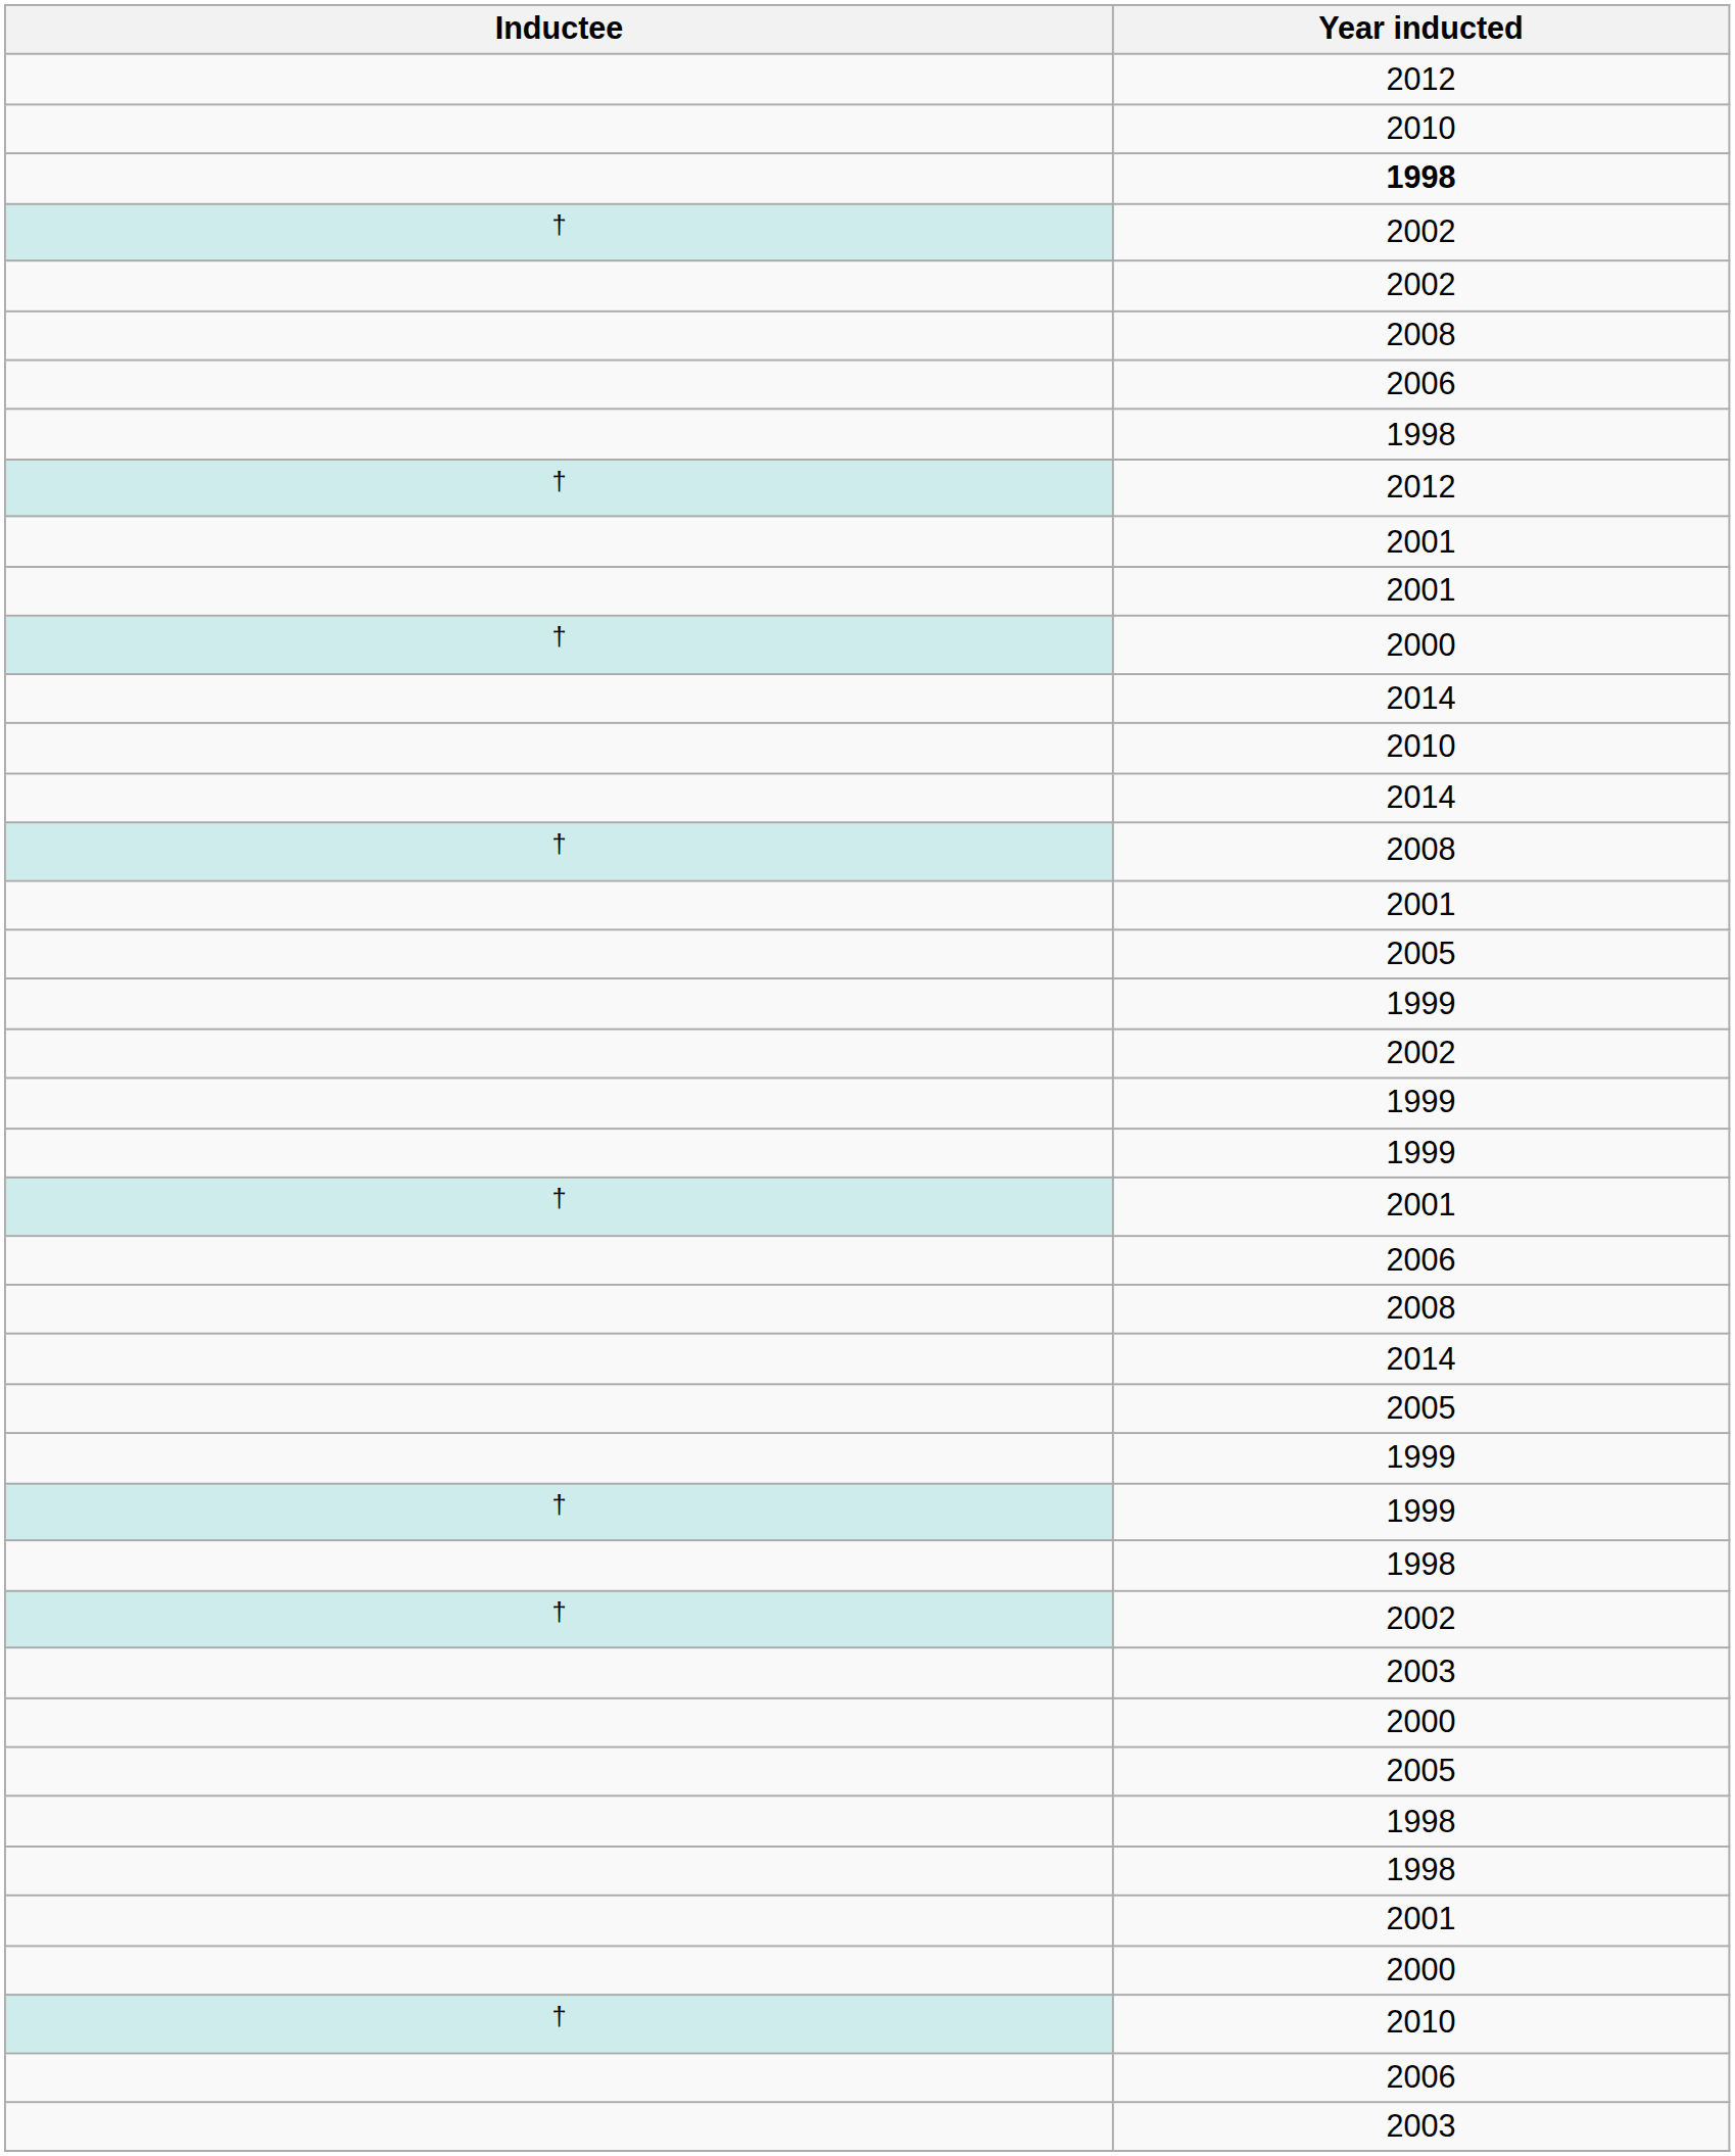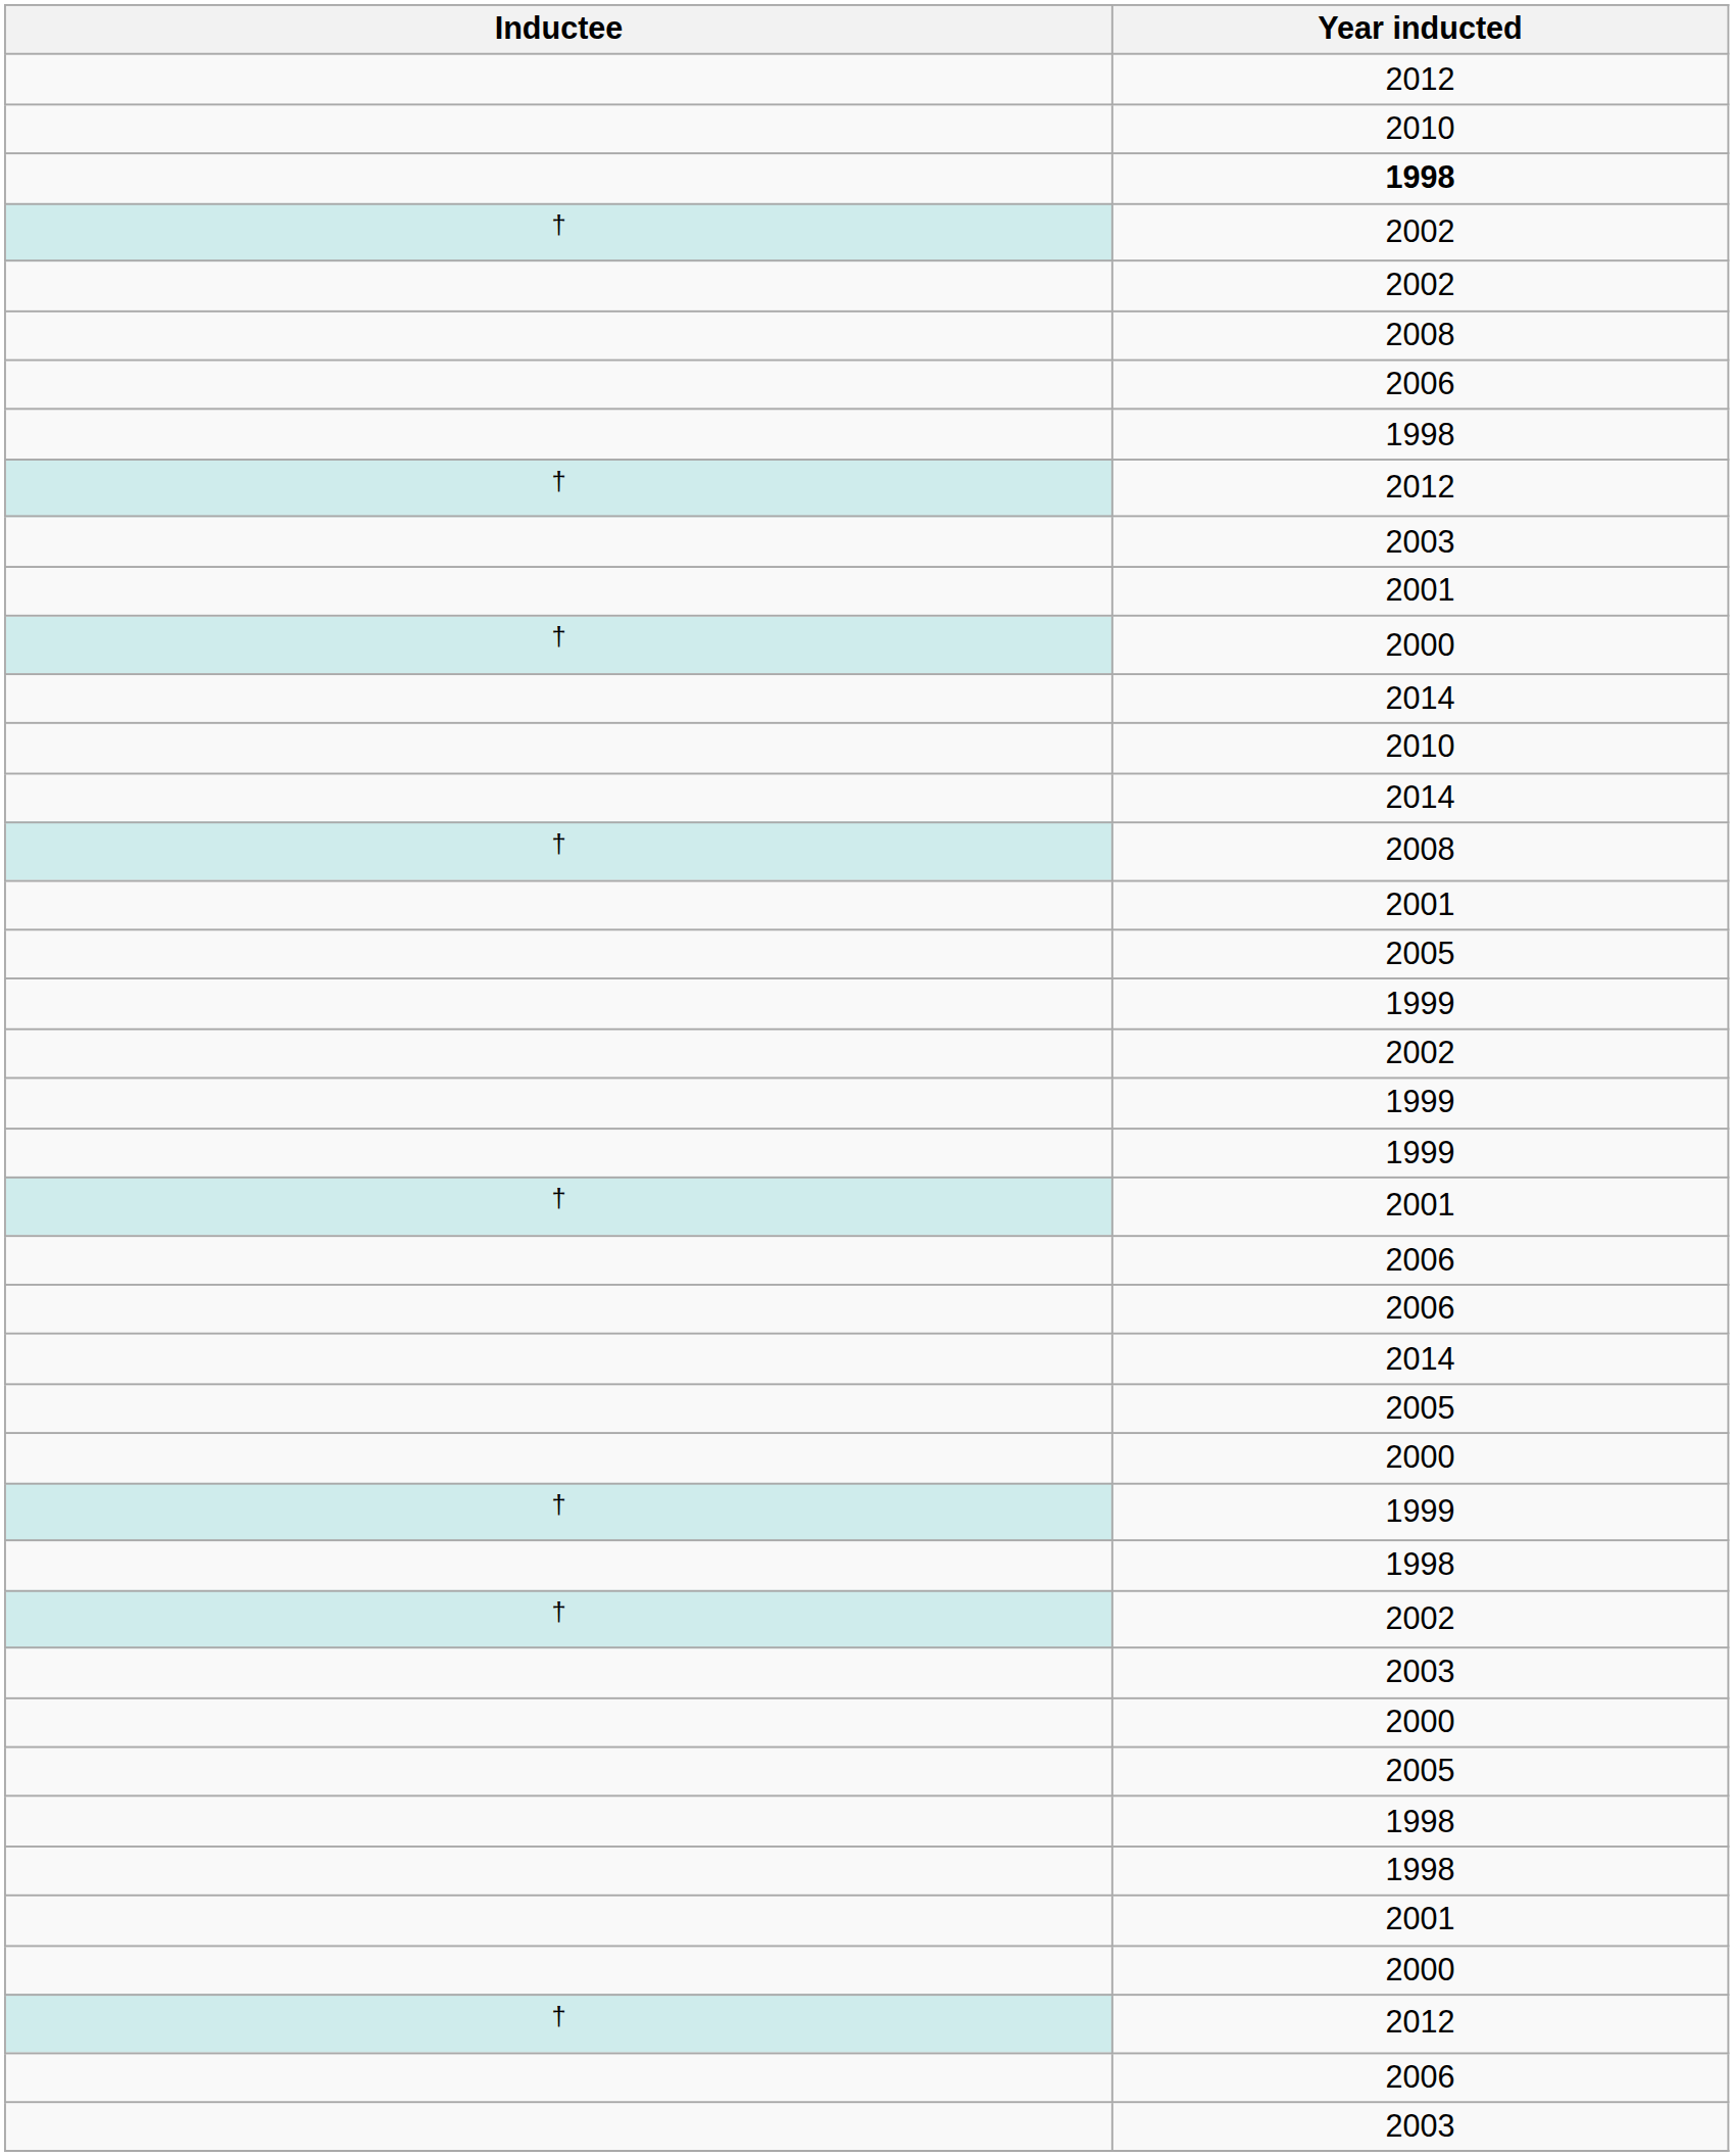 <table class="wikitable sortable" style="width:70%">
 <tr>
 <th width="45%">Inductee</th>
 <th width="25%">Year inducted</th>
 </tr>
 <tr>
 <td align="center"></td>
 <td align="center">2012</td>
 </tr>
 <tr>
 <td align="center"></td>
 <td align="center">2010</td>
 </tr>
 <tr>
 <td align="center"></td>
 <td align="center"><strong>1998</strong></td>
 </tr>
 <tr>
 <td align="center" bgcolor="#CFECEC"><sup>†</sup></td>
 <td align="center">2002</td>
 </tr>
 <tr>
 <td align="center"></td>
 <td align="center">2002</td>
 </tr>
 <tr>
 <td align="center"></td>
 <td align="center">2008</td>
 </tr>
 <tr>
 <td align="center"></td>
 <td align="center">2006</td>
 </tr>
 <tr>
 <td align="center"></td>
 <td align="center">1998</td>
 </tr>
 <tr>
 <td align="center" bgcolor="#CFECEC"><sup>†</sup></td>
 <td align="center">2012</td>
 </tr>
 <tr>
 <td align="center"></td>
-<td align="center">2001</td>
+<td align="center">2003</td>
 </tr>
 <tr>
 <td align="center"></td>
 <td align="center">2001</td>
 </tr>
 <tr>
 <td align="center" bgcolor="#CFECEC"><sup>†</sup></td>
 <td align="center">2000</td>
 </tr>
 <tr>
 <td align="center"></td>
 <td align="center">2014</td>
 </tr>
 <tr>
 <td align="center"></td>
 <td align="center">2010</td>
 </tr>
 <tr>
 <td align="center"></td>
 <td align="center">2014</td>
 </tr>
 <tr>
 <td align="center" bgcolor="#CFECEC"><sup>†</sup></td>
 <td align="center">2008</td>
 </tr>
 <tr>
 <td align="center"></td>
 <td align="center">2001</td>
 </tr>
 <tr>
 <td align="center"></td>
 <td align="center">2005</td>
 </tr>
 <tr>
 <td align="center"></td>
 <td align="center">1999</td>
 </tr>
 <tr>
 <td align="center"></td>
 <td align="center">2002</td>
 </tr>
 <tr>
 <td align="center"></td>
 <td align="center">1999</td>
 </tr>
 <tr>
 <td align="center"></td>
 <td align="center">1999</td>
 </tr>
 <tr>
 <td align="center" bgcolor="#CFECEC"><sup>†</sup></td>
 <td align="center">2001</td>
 </tr>
 <tr>
 <td align="center"></td>
 <td align="center">2006</td>
 </tr>
 <tr>
 <td align="center"></td>
-<td align="center">2008</td>
+<td align="center">2006</td>
 </tr>
 <tr>
 <td align="center"></td>
 <td align="center">2014</td>
 </tr>
 <tr>
 <td align="center"></td>
 <td align="center">2005</td>
 </tr>
 <tr>
 <td align="center"></td>
-<td align="center">1999</td>
+<td align="center">2000</td>
 </tr>
 <tr>
 <td align="center" bgcolor="#CFECEC"><sup>†</sup></td>
 <td align="center">1999</td>
 </tr>
 <tr>
 <td align="center"></td>
 <td align="center">1998</td>
 </tr>
 <tr>
 <td align="center" bgcolor="#CFECEC"><sup>†</sup></td>
 <td align="center">2002</td>
 </tr>
 <tr>
 <td align="center"></td>
 <td align="center">2003</td>
 </tr>
 <tr>
 <td align="center"></td>
 <td align="center">2000</td>
 </tr>
 <tr>
 <td align="center"></td>
 <td align="center">2005</td>
 </tr>
 <tr>
 <td align="center"></td>
 <td align="center">1998</td>
 </tr>
 <tr>
 <td align="center"></td>
 <td align="center">1998</td>
 </tr>
 <tr>
 <td align="center"></td>
 <td align="center">2001</td>
 </tr>
 <tr>
 <td align="center"></td>
 <td align="center">2000</td>
 </tr>
 <tr>
 <td align="center" bgcolor="#CFECEC"><sup>†</sup></td>
-<td align="center">2010</td>
+<td align="center">2012</td>
 </tr>
 <tr>
 <td align="center"></td>
 <td align="center">2006</td>
 </tr>
 <tr>
 <td align="center"></td>
 <td align="center">2003</td>
 </tr>
 <tr>
 </tr>
 </table>
